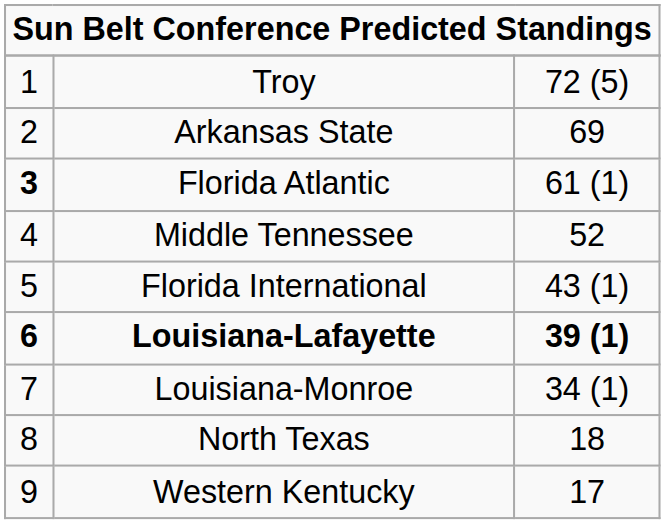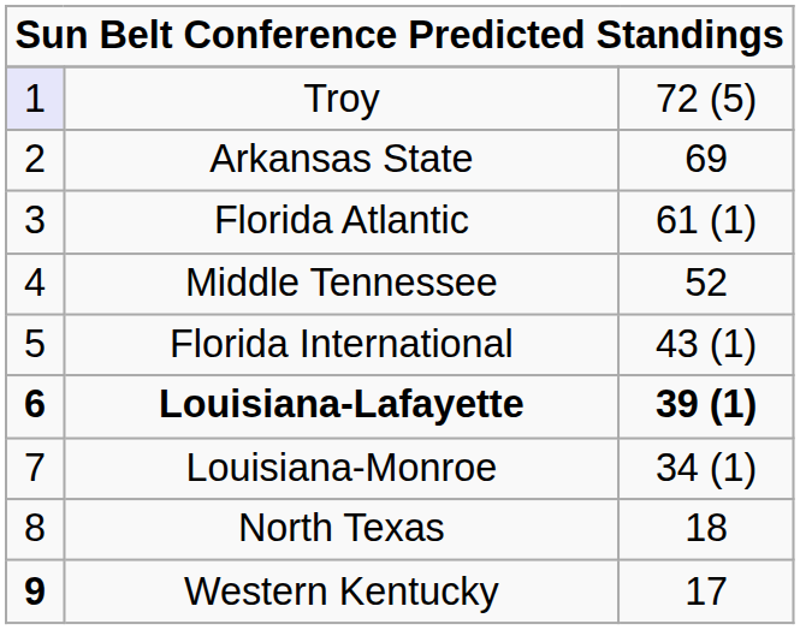 <table class= "wikitable">
 <tr align="center">
 <td align="center" Colspan="3"><strong>Sun Belt Conference Predicted Standings</strong></td>
 </tr>
 <tr align="center">
 </tr>
 <tr align="center">
-<td>1</td>
+<td style="background: lavender;">1</td>
 <td>Troy</td>
 <td>72 (5)</td>
 </tr>
 <tr align="center">
 <td>2</td>
 <td>Arkansas State</td>
 <td>69</td>
 </tr>
 <tr align="center">
-<td><strong>3</strong></td>
+<td>3</td>
 <td>Florida Atlantic</td>
 <td>61 (1)</td>
 </tr>
 <tr align="center">
 <td>4</td>
 <td>Middle Tennessee</td>
 <td>52</td>
 </tr>
 <tr align="center">
 <td>5</td>
 <td>Florida International</td>
 <td>43 (1)</td>
 </tr>
 <tr align="center">
 <td><strong>6</strong></td>
 <td><strong>Louisiana-Lafayette</strong></td>
 <td><strong>39 (1)</strong></td>
 </tr>
 <tr align="center">
 <td>7</td>
 <td>Louisiana-Monroe</td>
 <td>34 (1)</td>
 </tr>
 <tr align="center">
 <td>8</td>
 <td>North Texas</td>
 <td>18</td>
 </tr>
 <tr align="center">
-<td>9</td>
+<td><strong>9</strong></td>
 <td>Western Kentucky</td>
 <td>17</td>
 </tr>
 </table>
